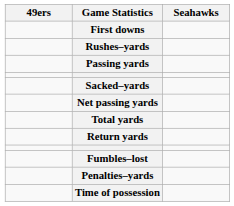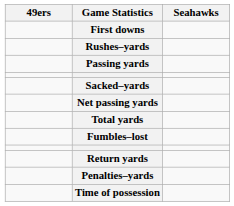 <table class="wikitable" style="margin: 1em auto 1em auto">
 <tr>
 <th style="width:30%;">49ers</th>
 <th style="width:40%;">Game Statistics</th>
 <th style="width:30%;">Seahawks</th>
 </tr>
 <tr>
 <td style="text-align:right;"></td>
 <th>First downs</th>
 <td></td>
 </tr>
 <tr>
 <td style="text-align:right;"></td>
 <th>Rushes–yards</th>
 <td></td>
 </tr>
 <tr>
 <td style="text-align:right;"></td>
 <th>Passing yards</th>
 <td></td>
 </tr>
 <tr>
 <td style="text-align:right;"></td>
 <th></th>
 <td></td>
 </tr>
 <tr>
 <td style="text-align:right;"></td>
 <th>Sacked–yards</th>
 <td></td>
 </tr>
 <tr>
 <td style="text-align:right;"></td>
 <th>Net passing yards</th>
 <td></td>
 </tr>
 <tr>
 <td style="text-align:right;"></td>
 <th>Total yards</th>
 <td></td>
 </tr>
 <tr>
 <td style="text-align:right;"></td>
-<th>Return yards</th>
+<th>Fumbles–lost</th>
 <td></td>
 </tr>
 <tr>
 <td style="text-align:right;"></td>
 <th></th>
 <td></td>
 </tr>
 <tr>
 <td style="text-align:right;"></td>
-<th>Fumbles–lost</th>
+<th>Return yards</th>
 <td></td>
 </tr>
 <tr>
 <td style="text-align:right;"></td>
 <th>Penalties–yards</th>
 <td></td>
 </tr>
 <tr>
 <td style="text-align:right;"></td>
 <th>Time of possession</th>
 <td></td>
 </tr>
 </table>
